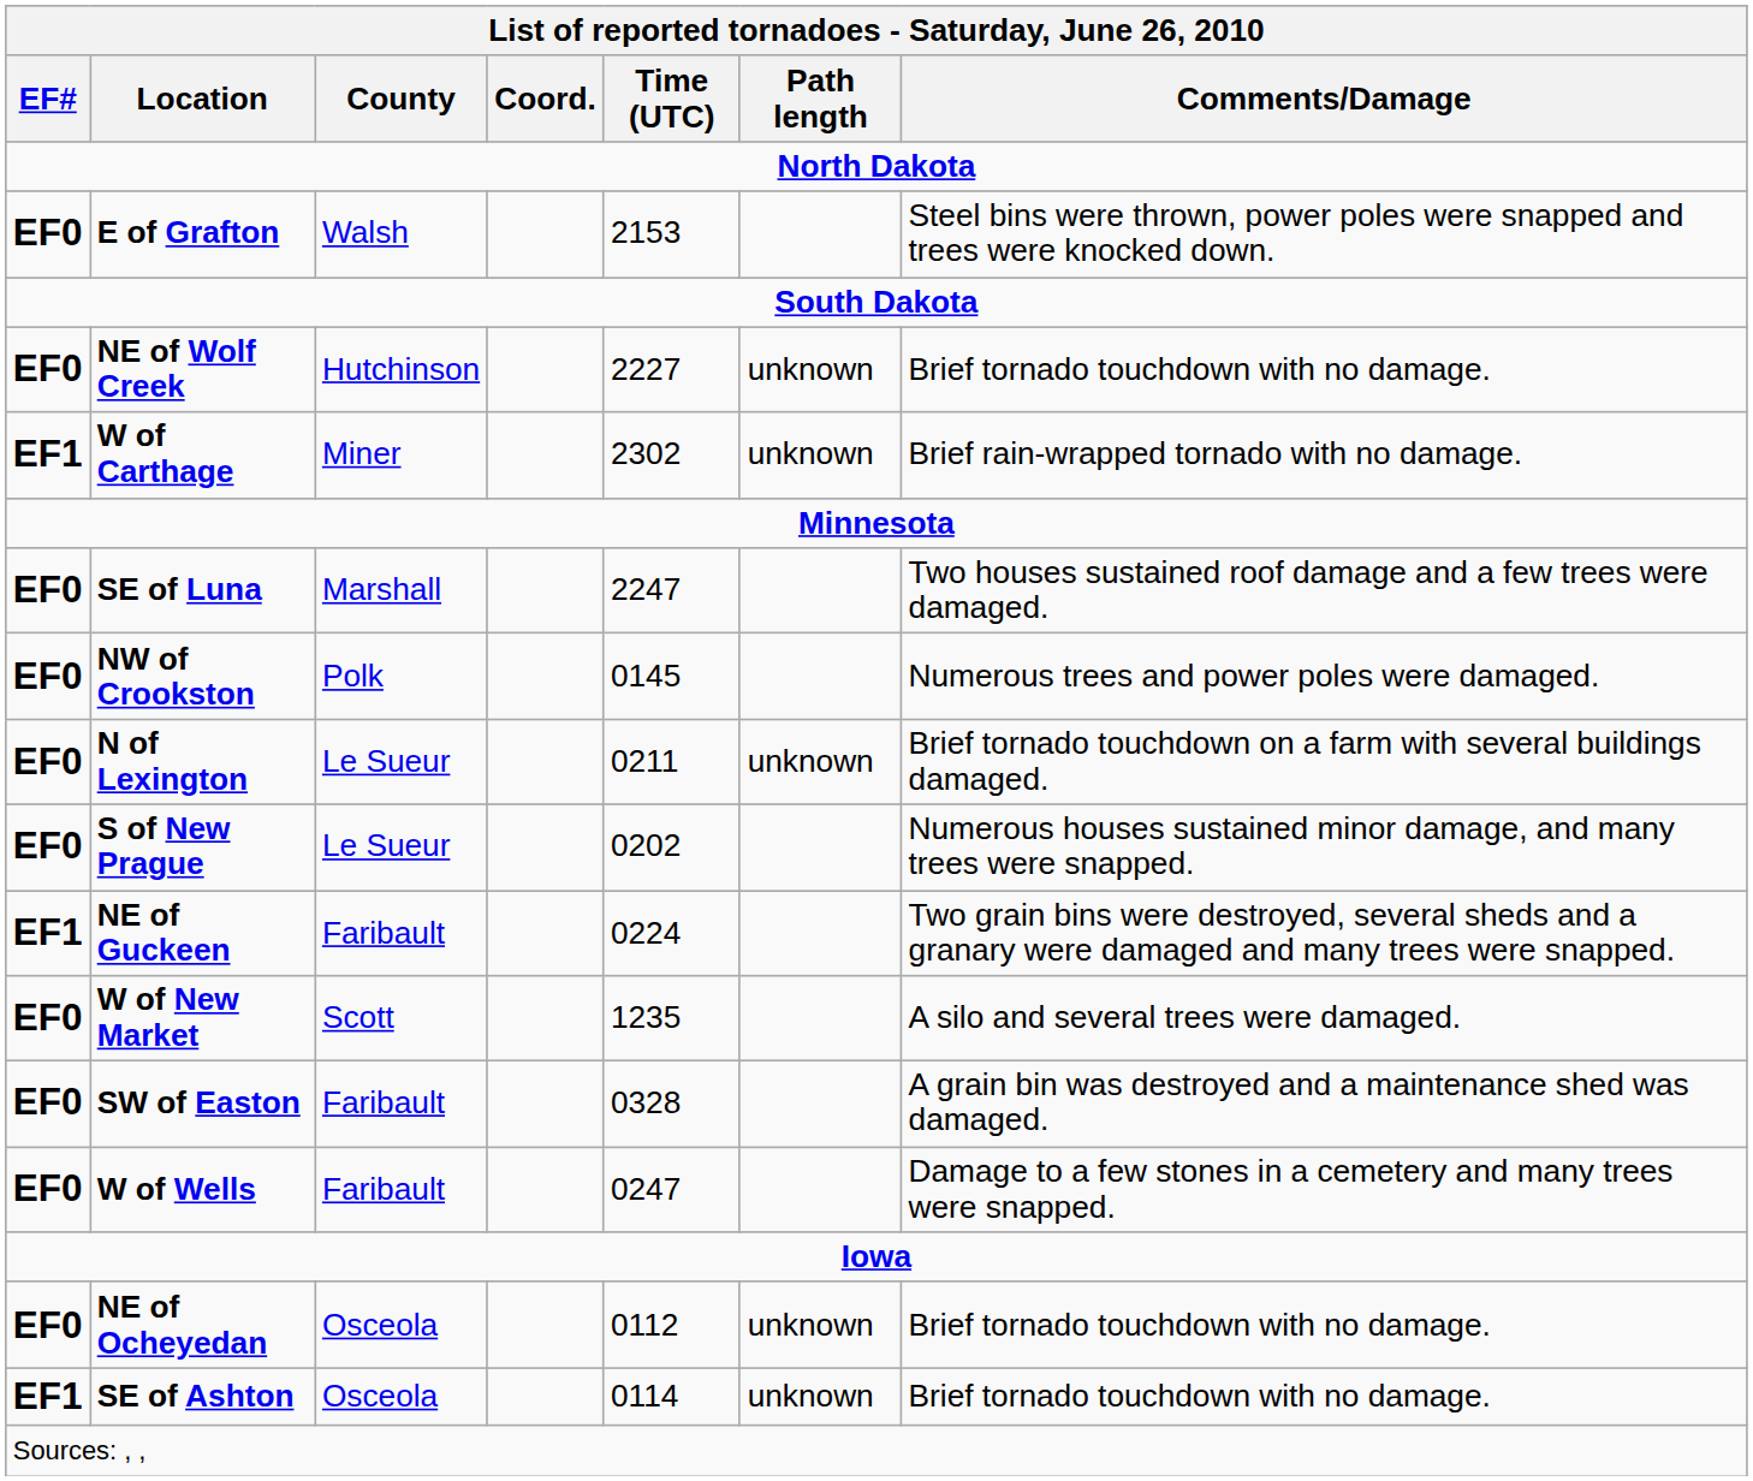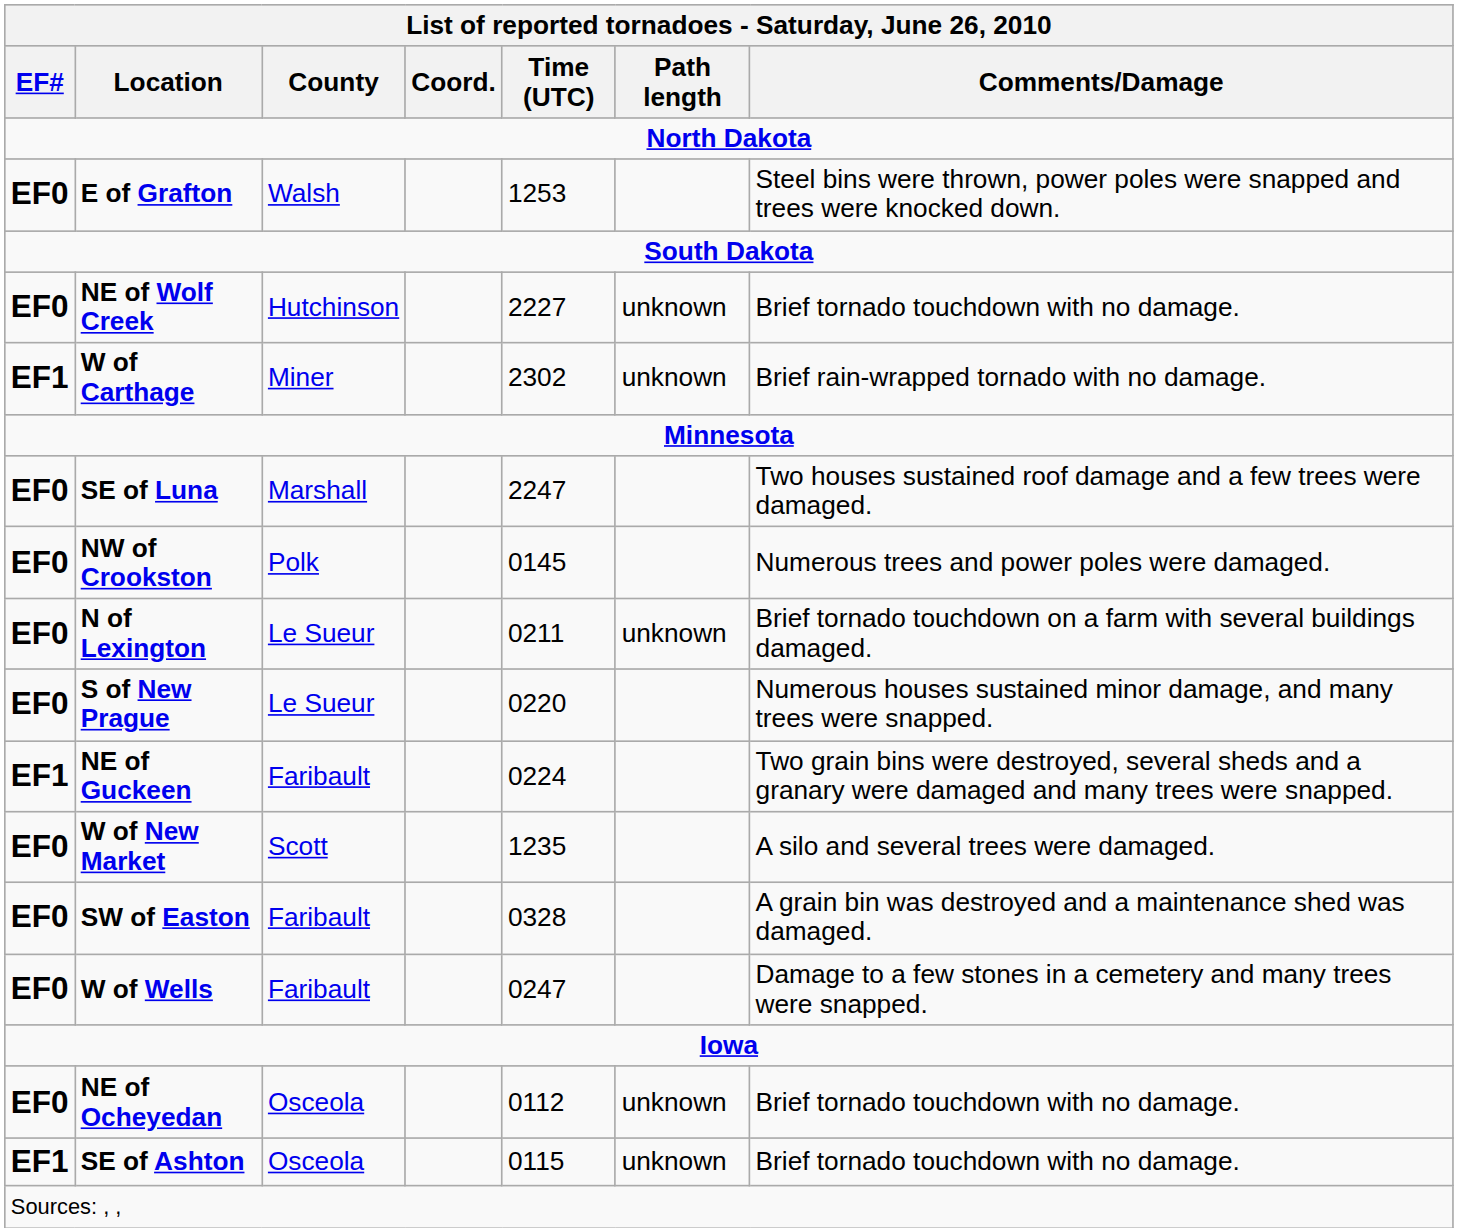 <table class="wikitable collapsible" width="100%">
 <tr>
 <th colspan="7">List of reported tornadoes - Saturday, June 26, 2010</th>
 </tr>
 <tr>
 <th><a href='#'>EF#</a></th>
 <th>Location</th>
 <th>County</th>
 <th>Coord.</th>
 <th>Time (UTC)</th>
 <th>Path length</th>
 <th>Comments/Damage</th>
 </tr>
 <tr>
 <td colspan="7" align=center><strong><a href='#'>North Dakota</a></strong></td>
 </tr>
 <tr>
 <td><big><strong>EF0</strong></big></td>
 <td><strong>E of <a href='#'>Grafton</a></strong></td>
 <td><a href='#'>Walsh</a></td>
 <td></td>
-<td>2153</td>
+<td>1253</td>
 <td></td>
 <td>Steel bins were thrown, power poles were snapped and trees were knocked down.</td>
 </tr>
 <tr>
 <td colspan="7" align=center><strong><a href='#'>South Dakota</a></strong></td>
 </tr>
 <tr>
 <td><big><strong>EF0</strong></big></td>
 <td><strong>NE of <a href='#'>Wolf Creek</a></strong></td>
 <td><a href='#'>Hutchinson</a></td>
 <td></td>
 <td>2227</td>
 <td>unknown</td>
 <td>Brief tornado touchdown with no damage.</td>
 </tr>
 <tr>
 <td><big><strong>EF1</strong></big></td>
 <td><strong>W of <a href='#'>Carthage</a></strong></td>
 <td><a href='#'>Miner</a></td>
 <td></td>
 <td>2302</td>
 <td>unknown</td>
 <td>Brief rain-wrapped tornado with no damage.</td>
 </tr>
 <tr>
 <td colspan="7" align=center><strong><a href='#'>Minnesota</a></strong></td>
 </tr>
 <tr>
 <td><big><strong>EF0</strong></big></td>
 <td><strong>SE of <a href='#'>Luna</a></strong></td>
 <td><a href='#'>Marshall</a></td>
 <td></td>
 <td>2247</td>
 <td></td>
 <td>Two houses sustained roof damage and a few trees were damaged.</td>
 </tr>
 <tr>
 <td><big><strong>EF0</strong></big></td>
 <td><strong>NW of <a href='#'>Crookston</a></strong></td>
 <td><a href='#'>Polk</a></td>
 <td></td>
 <td>0145</td>
 <td></td>
 <td>Numerous trees and power poles were damaged.</td>
 </tr>
 <tr>
 <td><big><strong>EF0</strong></big></td>
 <td><strong>N of <a href='#'>Lexington</a></strong></td>
 <td><a href='#'>Le Sueur</a></td>
 <td></td>
 <td>0211</td>
 <td>unknown</td>
 <td>Brief tornado touchdown on a farm with several buildings damaged.</td>
 </tr>
 <tr>
 <td><big><strong>EF0</strong></big></td>
 <td><strong>S of <a href='#'>New Prague</a></strong></td>
 <td><a href='#'>Le Sueur</a></td>
 <td></td>
-<td>0202</td>
+<td>0220</td>
 <td></td>
 <td>Numerous houses sustained minor damage, and many trees were snapped.</td>
 </tr>
 <tr>
 <td><big><strong>EF1</strong></big></td>
 <td><strong>NE of <a href='#'>Guckeen</a></strong></td>
 <td><a href='#'>Faribault</a></td>
 <td></td>
 <td>0224</td>
 <td></td>
 <td>Two grain bins were destroyed, several sheds and a granary were damaged and many trees were snapped.</td>
 </tr>
 <tr>
 <td><big><strong>EF0</strong></big></td>
 <td><strong>W of <a href='#'>New Market</a></strong></td>
 <td><a href='#'>Scott</a></td>
 <td></td>
 <td>1235</td>
 <td></td>
 <td>A silo and several trees were damaged.</td>
 </tr>
 <tr>
 <td><big><strong>EF0</strong></big></td>
 <td><strong>SW of <a href='#'>Easton</a></strong></td>
 <td><a href='#'>Faribault</a></td>
 <td></td>
 <td>0328</td>
 <td></td>
 <td>A grain bin was destroyed and a maintenance shed was damaged.</td>
 </tr>
 <tr>
 <td><big><strong>EF0</strong></big></td>
 <td><strong>W of <a href='#'>Wells</a></strong></td>
 <td><a href='#'>Faribault</a></td>
 <td></td>
 <td>0247</td>
 <td></td>
 <td>Damage to a few stones in a cemetery and many trees were snapped.</td>
 </tr>
 <tr>
 <td colspan="7" align=center><strong><a href='#'>Iowa</a></strong></td>
 </tr>
 <tr>
 <td><big><strong>EF0</strong></big></td>
 <td><strong>NE of <a href='#'>Ocheyedan</a></strong></td>
 <td><a href='#'>Osceola</a></td>
 <td></td>
 <td>0112</td>
 <td>unknown</td>
 <td>Brief tornado touchdown with no damage.</td>
 </tr>
 <tr>
 <td><big><strong>EF1</strong></big></td>
 <td><strong>SE of <a href='#'>Ashton</a></strong></td>
 <td><a href='#'>Osceola</a></td>
 <td></td>
-<td>0114</td>
+<td>0115</td>
 <td>unknown</td>
 <td>Brief tornado touchdown with no damage.</td>
 </tr>
 <tr>
 <td colspan="7"><small>Sources: , , </small></td>
 </tr>
 </table>
